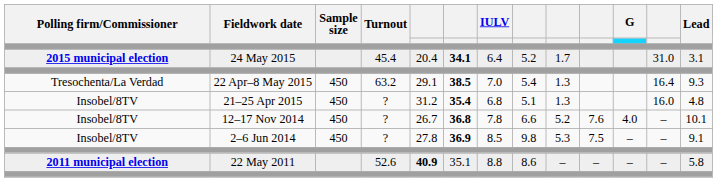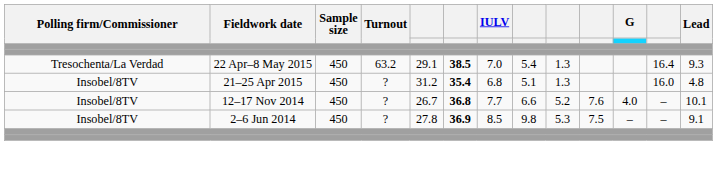 <table class="wikitable collapsible collapsed" style="text-align:center; font-size:95%; line-height:16px;">
 <tr style="height:42px;">
 <th style="width:250px;" rowspan="2">Polling firm/Commissioner</th>
 <th style="width:125px;" rowspan="2">Fieldwork date</th>
 <th style="width:50px;" rowspan="2">Sample size</th>
 <th style="width:45px;" rowspan="2">Turnout</th>
 <th style="width:35px;"></th>
 <th style="width:35px;"></th>
 <th style="width:35px;"><a href='#'>IULV</a></th>
 <th style="width:35px;"></th>
 <th style="width:35px;"></th>
 <th style="width:35px;"></th>
 <th style="width:35px;">G</th>
 <th style="width:35px;"></th>
 <th style="width:30px;" rowspan="2">Lead</th>
 </tr>
 <tr>
 <th style="color:inherit;background:"></th>
 <th style="color:inherit;background:"></th>
 <th style="color:inherit;background:"></th>
 <th style="color:inherit;background:"></th>
 <th style="color:inherit;background:"></th>
 <th style="color:inherit;background:"></th>
 <th style="color:inherit;background:#13D3FF;"></th>
 <th style="color:inherit;background:"></th>
 </tr>
 <tr>
 <td colspan="13" style="background:#A0A0A0"></td>
-</tr>
-<tr style="background:#EFEFEF;">
-<td><strong><a href='#'>2015 municipal election</a></strong></td>
-<td>24 May 2015</td>
-<td></td>
-<td>45.4</td>
-<td>20.4<br></td>
-<td><strong>34.1</strong><br></td>
-<td>6.4<br></td>
-<td>5.2<br></td>
-<td>1.7<br></td>
-<td></td>
-<td></td>
-<td>31.0<br></td>
-<td style="background:">3.1</td>
 </tr>
 <tr>
 <td colspan="13" style="background:#A0A0A0"></td>
 </tr>
 <tr>
 <td>Tresochenta/La Verdad</td>
 <td>22 Apr–8 May 2015</td>
 <td>450</td>
 <td>63.2</td>
 <td>29.1<br></td>
 <td><strong>38.5</strong><br></td>
 <td>7.0<br></td>
 <td>5.4<br></td>
 <td>1.3<br></td>
 <td></td>
 <td></td>
 <td>16.4<br></td>
 <td style="background:">9.3</td>
 </tr>
 <tr>
 <td>Insobel/8TV</td>
 <td>21–25 Apr 2015</td>
 <td>450</td>
 <td>?</td>
 <td>31.2<br></td>
 <td><strong>35.4</strong><br></td>
 <td>6.8<br></td>
 <td>5.1<br></td>
 <td>1.3<br></td>
 <td></td>
 <td></td>
 <td>16.0<br></td>
 <td style="background:">4.8</td>
 </tr>
 <tr>
 <td>Insobel/8TV</td>
 <td>12–17 Nov 2014</td>
 <td>450</td>
 <td>?</td>
 <td>26.7<br></td>
 <td><strong>36.8</strong><br></td>
-<td>7.8<br></td>
+<td>7.7<br></td>
 <td>6.6<br></td>
 <td>5.2<br></td>
 <td>7.6<br></td>
 <td>4.0<br></td>
 <td>–</td>
 <td style="background:">10.1</td>
 </tr>
 <tr>
 <td>Insobel/8TV</td>
 <td>2–6 Jun 2014</td>
 <td>450</td>
 <td>?</td>
 <td>27.8<br></td>
 <td><strong>36.9</strong><br></td>
 <td>8.5<br></td>
 <td>9.8<br></td>
 <td>5.3<br></td>
 <td>7.5<br></td>
 <td>–</td>
 <td>–</td>
 <td style="background:">9.1</td>
 </tr>
 <tr>
 <td colspan="13" style="background:#A0A0A0"></td>
 </tr>
-<tr style="background:#EFEFEF;">
-<td><strong><a href='#'>2011 municipal election</a></strong></td>
-<td>22 May 2011</td>
-<td></td>
-<td>52.6</td>
-<td><strong>40.9</strong><br></td>
-<td>35.1<br></td>
-<td>8.8<br></td>
-<td>8.6<br></td>
-<td>–</td>
-<td>–</td>
-<td>–</td>
-<td>–</td>
-<td style="background:">5.8</td>
-</tr>
 <tr>
 <td colspan="13" style="background:#A0A0A0"></td>
 </tr>
 </table>
